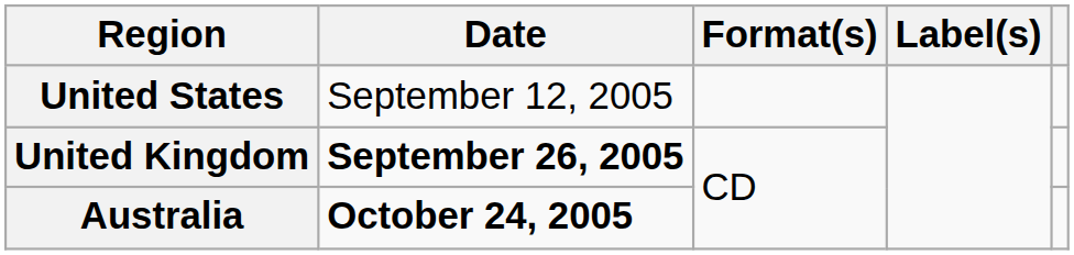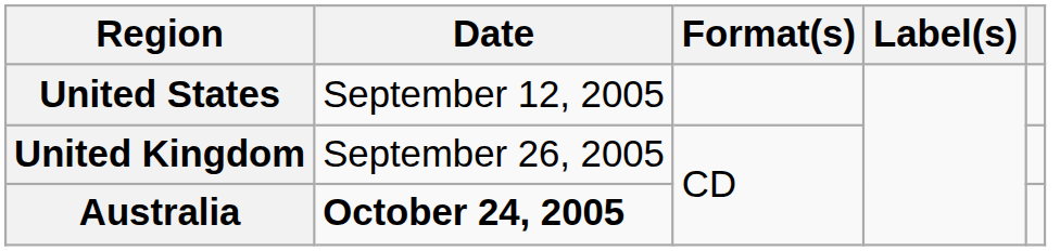 <table class="wikitable plainrowheaders">
 <tr>
 <th scope="col">Region</th>
 <th scope="col">Date</th>
 <th scope="col">Format(s)</th>
 <th scope="col">Label(s)</th>
 <th scope="col"></th>
 </tr>
 <tr>
 <th scope="row">United States</th>
 <td>September 12, 2005</td>
 <td></td>
 <td rowspan="3"></td>
 <td></td>
 </tr>
 <tr>
 <th scope="row">United Kingdom</th>
-<td><strong>September 26, 2005</strong></td>
+<td>September 26, 2005</td>
 <td rowspan="2">CD</td>
 <td></td>
 </tr>
 <tr>
 <th scope="row">Australia</th>
 <td><strong>October 24, 2005</strong></td>
 <td></td>
 </tr>
 </table>
